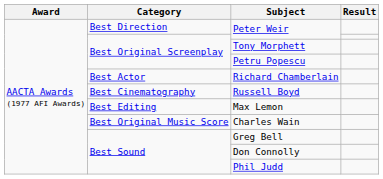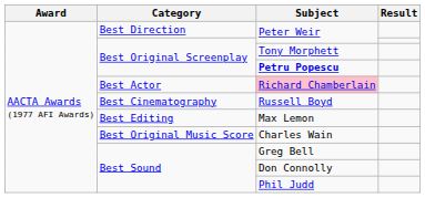 <table class="wikitable">
 <tr>
 <th>Award</th>
 <th>Category</th>
 <th>Subject</th>
 <th>Result</th>
 </tr>
 <tr>
 <td rowspan=11><a href='#'>AACTA Awards</a><br><small>(1977 AFI Awards)</small></td>
 <td><a href='#'>Best Direction</a></td>
 <td rowspan=2><a href='#'>Peter Weir</a></td>
 <td></td>
 </tr>
 <tr>
 <td rowspan=3><a href='#'>Best Original Screenplay</a></td>
 <td></td>
 </tr>
 <tr>
 <td><a href='#'>Tony Morphett</a></td>
 <td></td>
 </tr>
 <tr>
-<td><a href='#'>Petru Popescu</a></td>
+<td><strong><a href='#'>Petru Popescu</a></strong></td>
 <td></td>
 </tr>
 <tr>
 <td><a href='#'>Best Actor</a></td>
-<td><a href='#'>Richard Chamberlain</a></td>
+<td style="background: pink;"><a href='#'>Richard Chamberlain</a></td>
 <td></td>
 </tr>
 <tr>
 <td><a href='#'>Best Cinematography</a></td>
 <td><a href='#'>Russell Boyd</a></td>
 <td></td>
 </tr>
 <tr>
 <td><a href='#'>Best Editing</a></td>
 <td>Max Lemon</td>
 <td></td>
 </tr>
 <tr>
 <td><a href='#'>Best Original Music Score</a></td>
 <td>Charles Wain</td>
 <td></td>
 </tr>
 <tr>
 <td rowspan=3><a href='#'>Best Sound</a></td>
 <td>Greg Bell</td>
 <td></td>
 </tr>
 <tr>
 <td>Don Connolly</td>
 <td></td>
 </tr>
 <tr>
 <td><a href='#'>Phil Judd</a></td>
 <td></td>
 </tr>
 </table>
